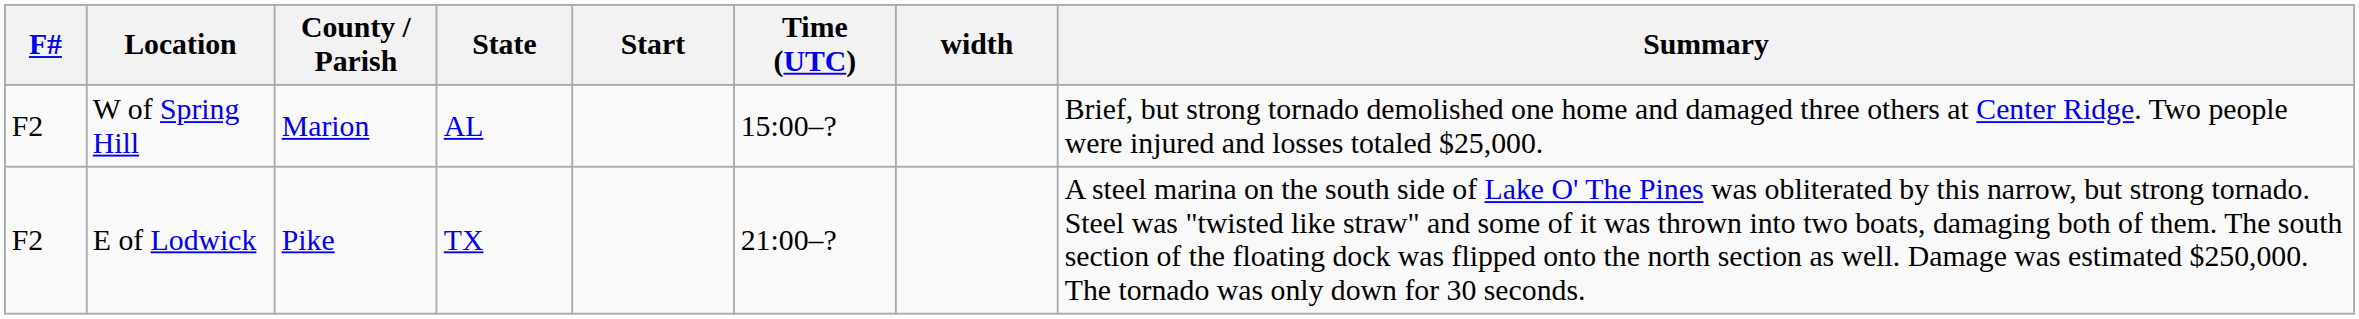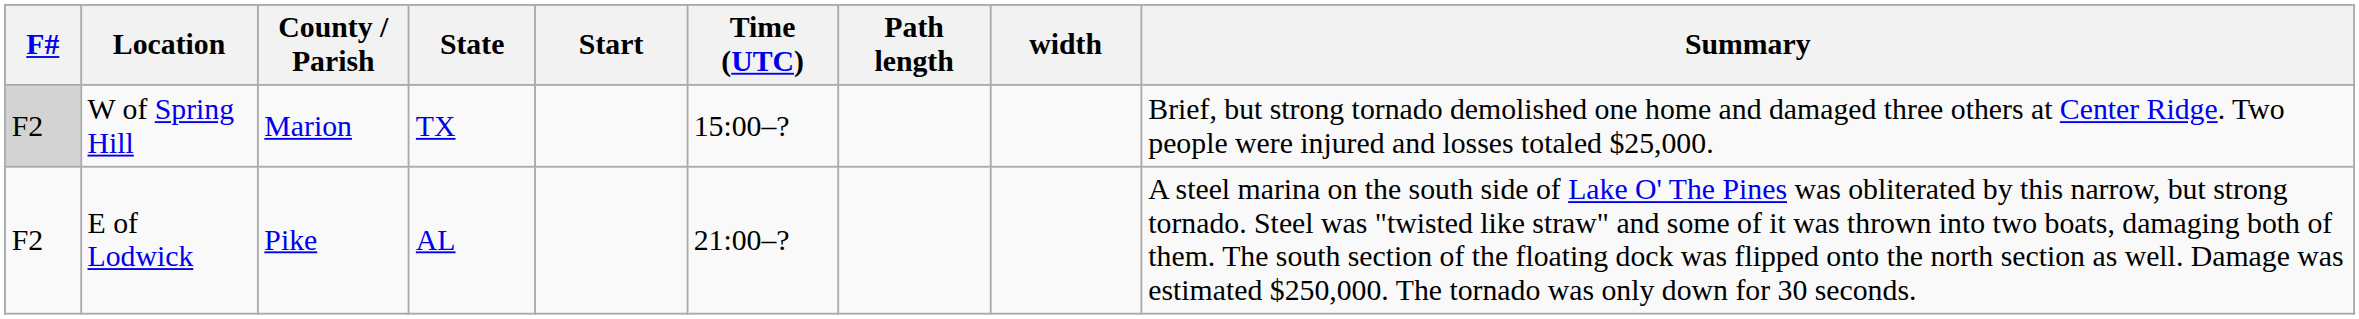 <table class="wikitable sortable" style="width:100%;">
 <tr>
 <th scope="col"  style="width:3%; text-align:center;"><a href='#'>F#</a></th>
 <th scope="col"  style="width:7%; text-align:center;" class="unsortable">Location</th>
 <th scope="col"  style="width:6%; text-align:center;" class="unsortable">County / Parish</th>
 <th scope="col"  style="width:5%; text-align:center;">State</th>
 <th scope="col"  style="width:6%; text-align:center;">Start<br></th>
 <th scope="col"  style="width:6%; text-align:center;">Time (<a href='#'>UTC</a>)</th>
+<th scope="col"  style="width:6%; text-align:center;">Path length</th>
 <th scope="col"  style="width:6%; text-align:center;"> width</th>
 <th scope="col" class="unsortable" style="width:48%; text-align:center;">Summary</th>
 </tr>
 <tr>
-<td>F2</td>
+<td style="background: lightgrey;">F2</td>
 <td>W of <a href='#'>Spring Hill</a></td>
 <td><a href='#'>Marion</a></td>
-<td><a href='#'>AL</a></td>
+<td><a href='#'>TX</a></td>
 <td></td>
 <td>15:00–?</td>
+<td></td>
 <td></td>
 <td>Brief, but strong tornado demolished one home and damaged three others at <a href='#'>Center Ridge</a>. Two people were injured and losses totaled $25,000.<br></td>
 </tr>
 <tr>
 <td>F2</td>
 <td>E of <a href='#'>Lodwick</a></td>
 <td><a href='#'>Pike</a></td>
-<td><a href='#'>TX</a></td>
+<td><a href='#'>AL</a></td>
 <td></td>
 <td>21:00–?</td>
+<td></td>
 <td></td>
 <td>A steel marina on the south side of <a href='#'>Lake O' The Pines</a> was obliterated by this narrow, but strong tornado. Steel was "twisted like straw" and some of it was thrown into two boats, damaging both of them. The south section of the floating dock was flipped onto the north section as well. Damage was estimated $250,000. The tornado was only down for 30 seconds.</td>
 </tr>
 </table>
